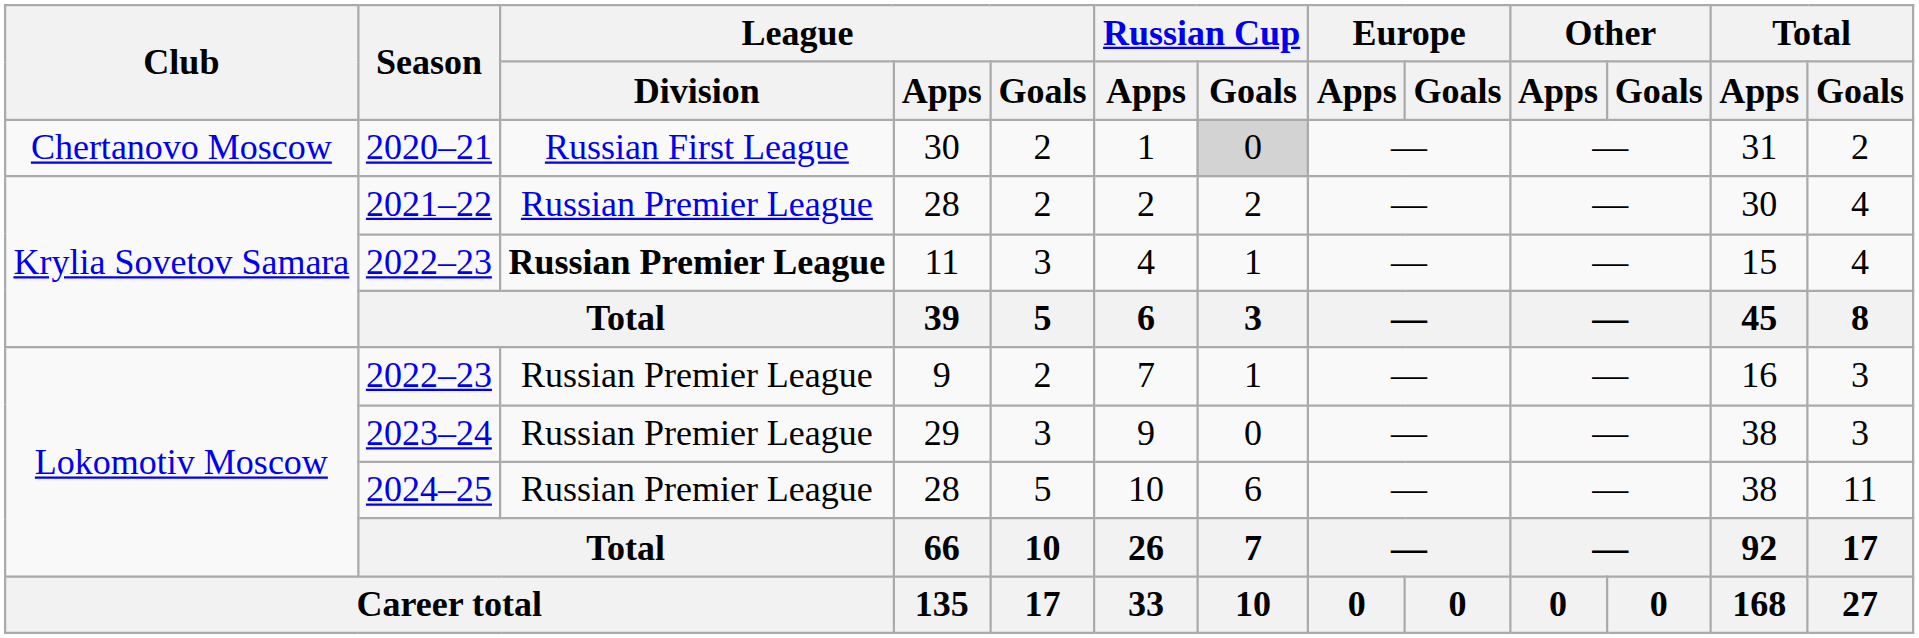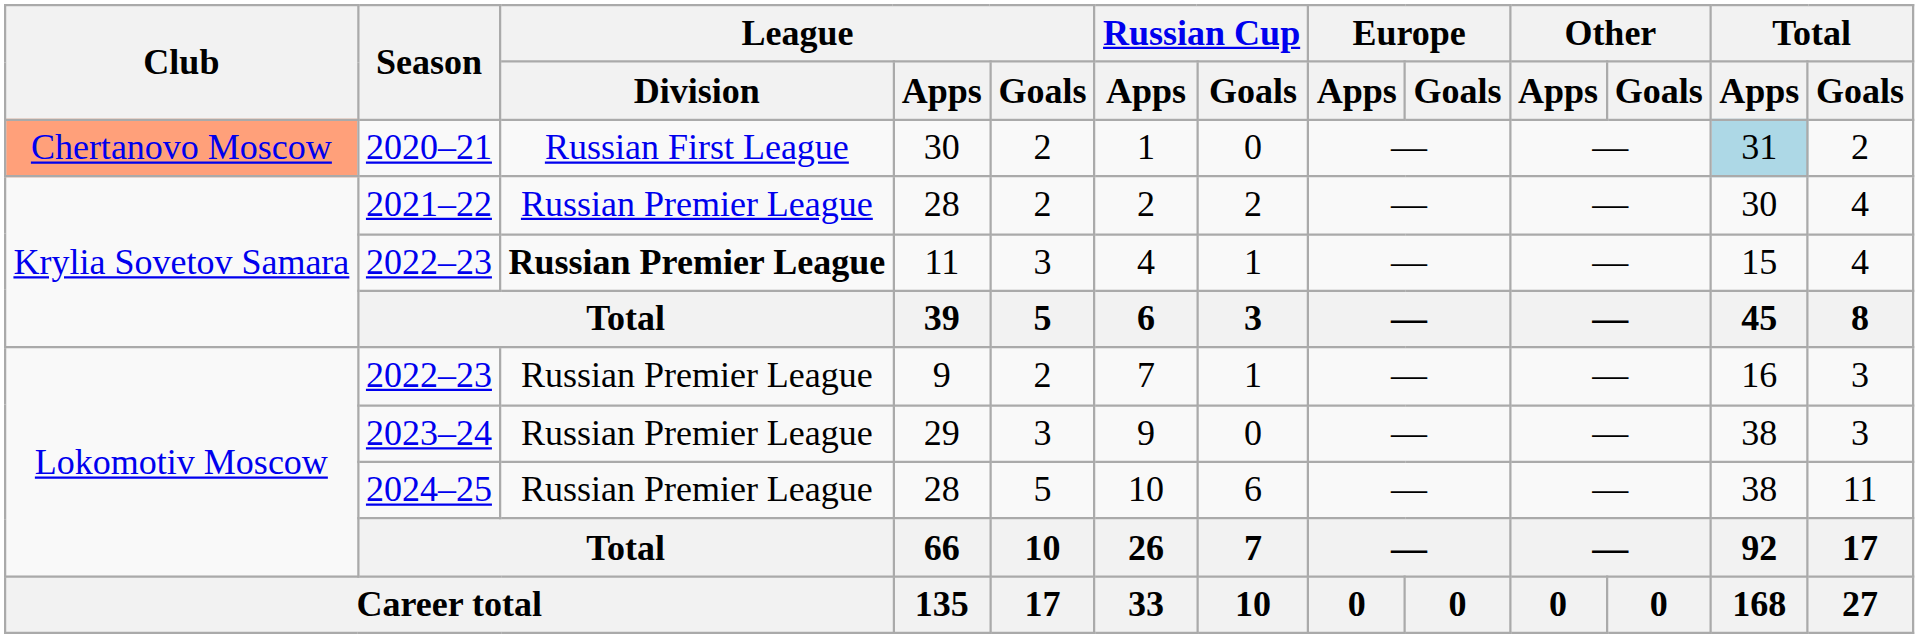 <table class="wikitable" style="text-align: center;">
 <tr>
 <th rowspan="2">Club</th>
 <th rowspan="2">Season</th>
 <th colspan="3">League</th>
 <th colspan="2"><a href='#'>Russian Cup</a></th>
 <th colspan="2">Europe</th>
 <th colspan="2">Other</th>
 <th colspan="2">Total</th>
 </tr>
 <tr>
 <th>Division</th>
 <th>Apps</th>
 <th>Goals</th>
 <th>Apps</th>
 <th>Goals</th>
 <th>Apps</th>
 <th>Goals</th>
 <th>Apps</th>
 <th>Goals</th>
 <th>Apps</th>
 <th>Goals</th>
 </tr>
 <tr>
-<td><a href='#'>Chertanovo Moscow</a></td>
+<td style="background: lightsalmon;"><a href='#'>Chertanovo Moscow</a></td>
 <td><a href='#'>2020–21</a></td>
 <td><a href='#'>Russian First League</a></td>
 <td>30</td>
 <td>2</td>
 <td>1</td>
-<td style="background: lightgrey;">0</td>
+<td>0</td>
 <td colspan="2">—</td>
 <td colspan="2">—</td>
-<td>31</td>
+<td style="background: lightblue;">31</td>
 <td>2</td>
 </tr>
 <tr>
 <td rowspan="3"><a href='#'>Krylia Sovetov Samara</a></td>
 <td><a href='#'>2021–22</a></td>
 <td><a href='#'>Russian Premier League</a></td>
 <td>28</td>
 <td>2</td>
 <td>2</td>
 <td>2</td>
 <td colspan="2">—</td>
 <td colspan="2">—</td>
 <td>30</td>
 <td>4</td>
 </tr>
 <tr>
 <td><a href='#'>2022–23</a></td>
 <td><strong>Russian Premier League</strong></td>
 <td>11</td>
 <td>3</td>
 <td>4</td>
 <td>1</td>
 <td colspan="2">—</td>
 <td colspan="2">—</td>
 <td>15</td>
 <td>4</td>
 </tr>
 <tr>
 <th colspan="2">Total</th>
 <th>39</th>
 <th>5</th>
 <th>6</th>
 <th>3</th>
 <th colspan="2">—</th>
 <th colspan="2">—</th>
 <th>45</th>
 <th>8</th>
 </tr>
 <tr>
 <td rowspan="4"><a href='#'>Lokomotiv Moscow</a></td>
 <td><a href='#'>2022–23</a></td>
 <td>Russian Premier League</td>
 <td>9</td>
 <td>2</td>
 <td>7</td>
 <td>1</td>
 <td colspan="2">—</td>
 <td colspan="2">—</td>
 <td>16</td>
 <td>3</td>
 </tr>
 <tr>
 <td><a href='#'>2023–24</a></td>
 <td>Russian Premier League</td>
 <td>29</td>
 <td>3</td>
 <td>9</td>
 <td>0</td>
 <td colspan="2">—</td>
 <td colspan="2">—</td>
 <td>38</td>
 <td>3</td>
 </tr>
 <tr>
 <td><a href='#'>2024–25</a></td>
 <td>Russian Premier League</td>
 <td>28</td>
 <td>5</td>
 <td>10</td>
 <td>6</td>
 <td colspan="2">—</td>
 <td colspan="2">—</td>
 <td>38</td>
 <td>11</td>
 </tr>
 <tr>
 <th colspan="2">Total</th>
 <th>66</th>
 <th>10</th>
 <th>26</th>
 <th>7</th>
 <th colspan="2">—</th>
 <th colspan="2">—</th>
 <th>92</th>
 <th>17</th>
 </tr>
 <tr>
 <th colspan="3">Career total</th>
 <th>135</th>
 <th>17</th>
 <th>33</th>
 <th>10</th>
 <th>0</th>
 <th>0</th>
 <th>0</th>
 <th>0</th>
 <th>168</th>
 <th>27</th>
 </tr>
 </table>
